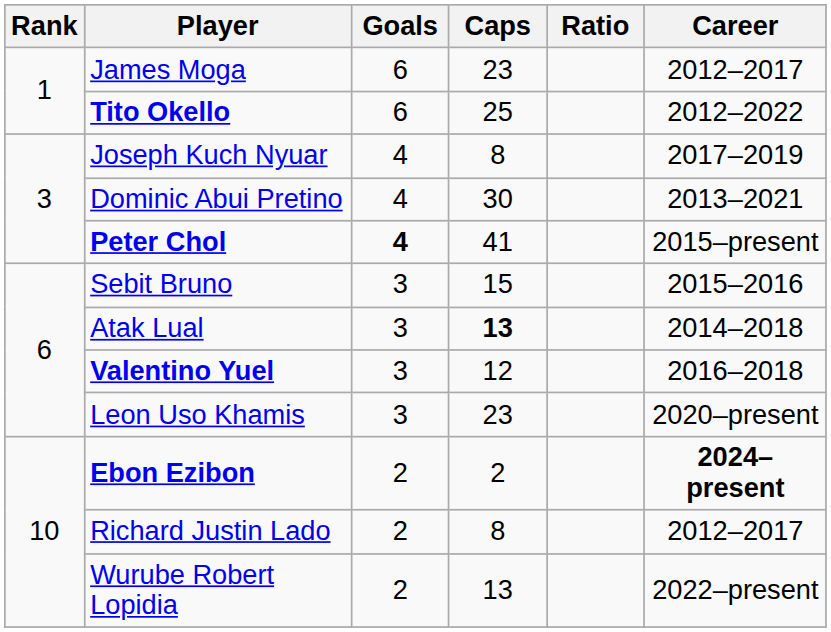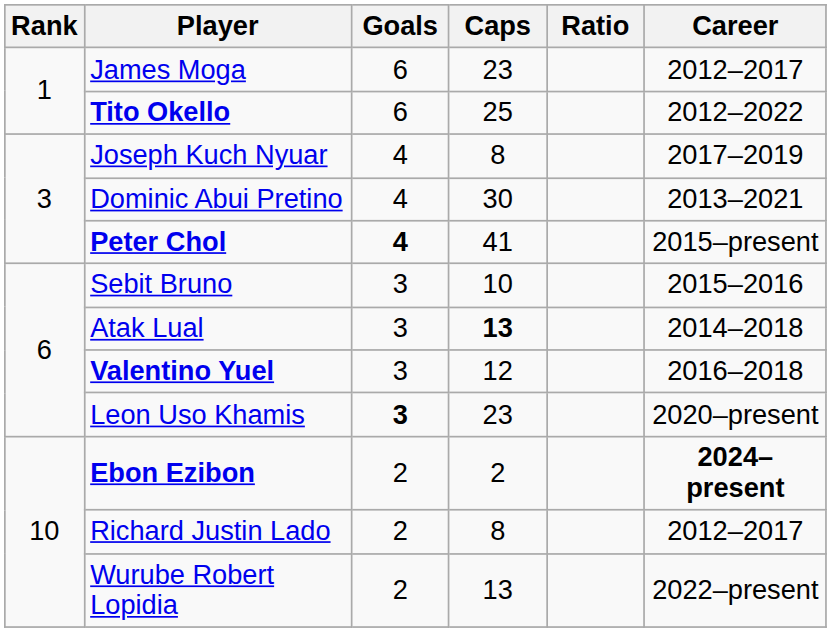 <table class="wikitable sortable" style="text-align:center;">
 <tr>
 <th style="width:30px">Rank</th>
 <th style="width:150px;">Player</th>
 <th style="width:50px">Goals</th>
 <th style="width:50px">Caps</th>
 <th style="width:50px">Ratio</th>
 <th style="width:100px;">Career</th>
 </tr>
 <tr>
 <td rowspan=2>1</td>
 <td style="text-align: left;"><a href='#'>James Moga</a></td>
 <td>6</td>
 <td>23</td>
 <td></td>
 <td>2012–2017</td>
 </tr>
 <tr>
 <td style="text-align: left;"><strong><a href='#'>Tito Okello</a></strong></td>
 <td>6</td>
 <td>25</td>
 <td></td>
 <td>2012–2022</td>
 </tr>
 <tr>
 <td rowspan=3>3</td>
 <td style="text-align: left;"><a href='#'>Joseph Kuch Nyuar</a></td>
 <td>4</td>
 <td>8</td>
 <td></td>
 <td>2017–2019</td>
 </tr>
 <tr>
 <td style="text-align: left;"><a href='#'>Dominic Abui Pretino</a></td>
 <td>4</td>
 <td>30</td>
 <td></td>
 <td>2013–2021</td>
 </tr>
 <tr>
 <td style="text-align: left;"><strong><a href='#'>Peter Chol</a></strong></td>
 <td><strong>4</strong></td>
 <td>41</td>
 <td></td>
 <td>2015–present</td>
 </tr>
 <tr>
 <td rowspan=4>6</td>
 <td style="text-align: left;"><a href='#'>Sebit Bruno</a></td>
 <td>3</td>
-<td>15</td>
+<td>10</td>
 <td></td>
 <td>2015–2016</td>
 </tr>
 <tr>
 <td style="text-align: left;"><a href='#'>Atak Lual</a></td>
 <td>3</td>
 <td><strong>13</strong></td>
 <td></td>
 <td>2014–2018</td>
 </tr>
 <tr>
 <td style="text-align: left;"><strong><a href='#'>Valentino Yuel</a></strong></td>
 <td>3</td>
 <td>12</td>
 <td></td>
 <td>2016–2018</td>
 </tr>
 <tr>
 <td style="text-align: left;"><a href='#'>Leon Uso Khamis</a></td>
-<td>3</td>
+<td><strong>3</strong></td>
 <td>23</td>
 <td></td>
 <td>2020–present</td>
 </tr>
 <tr>
 <td rowspan=3>10</td>
 <td style="text-align: left;"><strong><a href='#'>Ebon Ezibon</a></strong></td>
 <td>2</td>
 <td>2</td>
 <td></td>
 <td><strong>2024–present</strong></td>
 </tr>
 <tr>
 <td style="text-align: left;"><a href='#'>Richard Justin Lado</a></td>
 <td>2</td>
 <td>8</td>
 <td></td>
 <td>2012–2017</td>
 </tr>
 <tr>
 <td style="text-align: left;"><a href='#'>Wurube Robert Lopidia</a></td>
 <td>2</td>
 <td>13</td>
 <td></td>
 <td>2022–present</td>
 </tr>
 </table>
